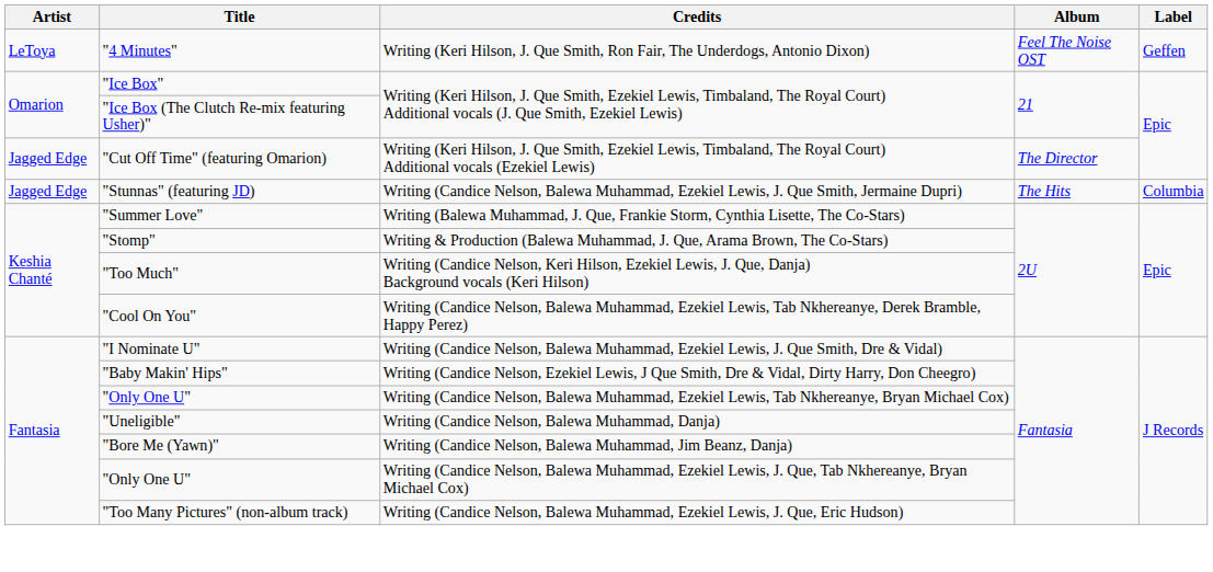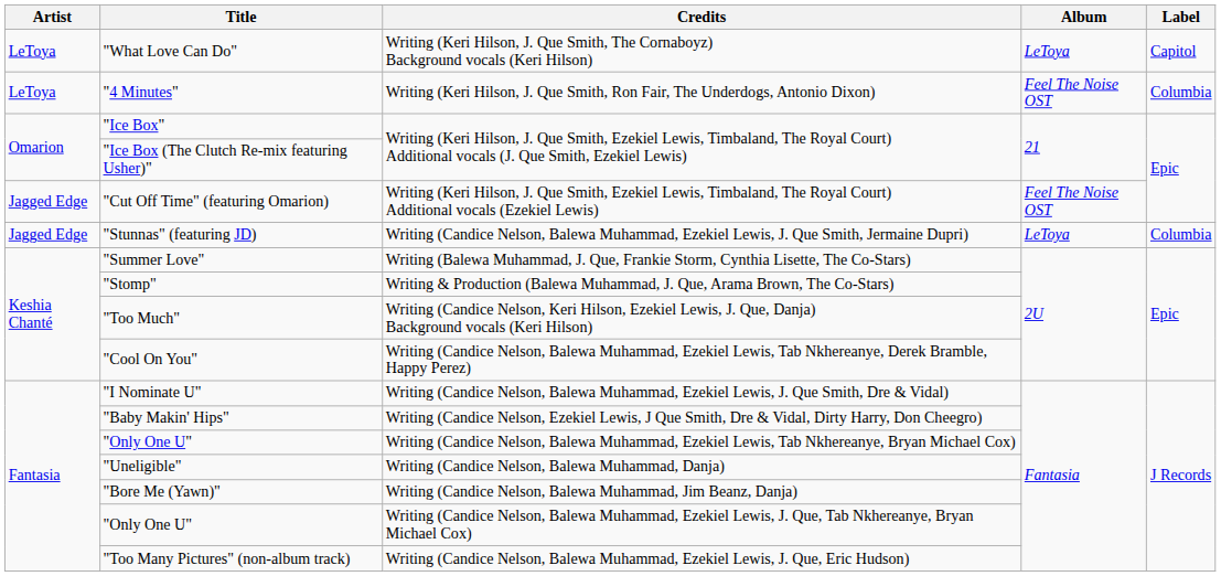 <table class="wikitable">
 <tr>
 <th>Artist</th>
 <th>Title</th>
 <th>Credits</th>
 <th>Album</th>
 <th>Label</th>
 </tr>
 <tr>
 <td><a href='#'>LeToya</a></td>
+<td>"What Love Can Do"</td>
+<td>Writing (Keri Hilson, J. Que Smith, The Cornaboyz)<br> Background vocals (Keri Hilson)</td>
+<td><em><a href='#'>LeToya</a></em></td>
+<td><a href='#'>Capitol</a></td>
+</tr>
+<tr>
+<td><a href='#'>LeToya</a></td>
 <td>"<a href='#'>4 Minutes</a>"</td>
 <td>Writing (Keri Hilson, J. Que Smith, Ron Fair, The Underdogs, Antonio Dixon)</td>
 <td><em><a href='#'>Feel The Noise OST</a></em></td>
-<td><a href='#'>Geffen</a></td>
+<td><a href='#'>Columbia</a></td>
 </tr>
 <tr>
 <td rowspan="2"><a href='#'>Omarion</a></td>
 <td>"<a href='#'>Ice Box</a>"</td>
 <td rowspan="2">Writing (Keri Hilson, J. Que Smith, Ezekiel Lewis, Timbaland, The Royal Court)<br> Additional vocals (J. Que Smith, Ezekiel Lewis)</td>
 <td rowspan="2"><em><a href='#'>21</a></em></td>
 <td rowspan="3"><a href='#'>Epic</a></td>
 </tr>
 <tr>
 <td>"<a href='#'>Ice Box</a> (The Clutch Re-mix featuring <a href='#'>Usher</a>)"</td>
 </tr>
 <tr>
 <td><a href='#'>Jagged Edge</a></td>
 <td>"Cut Off Time" (featuring Omarion)</td>
 <td>Writing (Keri Hilson, J. Que Smith, Ezekiel Lewis, Timbaland, The Royal Court)<br> Additional vocals (Ezekiel Lewis)</td>
-<td><em><a href='#'>The Director</a></em></td>
+<td><em><a href='#'>Feel The Noise OST</a></em></td>
 </tr>
 <tr>
 <td><a href='#'>Jagged Edge</a></td>
 <td>"Stunnas" (featuring <a href='#'>JD</a>)</td>
 <td>Writing (Candice Nelson, Balewa Muhammad, Ezekiel Lewis, J. Que Smith, Jermaine Dupri)</td>
-<td><em><a href='#'>The Hits</a></em></td>
+<td><em><a href='#'>LeToya</a></em></td>
 <td><a href='#'>Columbia</a></td>
 </tr>
 <tr>
 <td rowspan="4"><a href='#'>Keshia Chanté</a></td>
 <td>"Summer Love"</td>
 <td>Writing (Balewa Muhammad, J. Que, Frankie Storm, Cynthia Lisette, The Co-Stars)</td>
 <td rowspan="4"><em><a href='#'>2U</a></em></td>
 <td rowspan="4"><a href='#'>Epic</a></td>
 </tr>
 <tr>
 <td>"Stomp"</td>
 <td>Writing & Production (Balewa Muhammad, J. Que, Arama Brown, The Co-Stars)</td>
 </tr>
 <tr>
 <td>"Too Much"</td>
 <td>Writing (Candice Nelson, Keri Hilson, Ezekiel Lewis, J. Que, Danja)<br> Background vocals (Keri Hilson)</td>
 </tr>
 <tr>
 <td>"Cool On You"</td>
 <td>Writing (Candice Nelson, Balewa Muhammad, Ezekiel Lewis, Tab Nkhereanye, Derek Bramble, Happy Perez)</td>
 </tr>
 <tr>
 <td rowspan="7"><a href='#'>Fantasia</a></td>
 <td>"I Nominate U"</td>
 <td>Writing (Candice Nelson, Balewa Muhammad, Ezekiel Lewis, J. Que Smith, Dre & Vidal)</td>
 <td rowspan="7"><em><a href='#'>Fantasia</a></em></td>
 <td rowspan="7"><a href='#'>J Records</a></td>
 </tr>
 <tr>
 <td>"Baby Makin' Hips"</td>
 <td>Writing (Candice Nelson, Ezekiel Lewis, J Que Smith, Dre & Vidal, Dirty Harry, Don Cheegro)</td>
 </tr>
 <tr>
 <td>"<a href='#'>Only One U</a>"</td>
 <td>Writing (Candice Nelson, Balewa Muhammad, Ezekiel Lewis, Tab Nkhereanye, Bryan Michael Cox)</td>
 </tr>
 <tr>
 <td>"Uneligible"</td>
 <td>Writing (Candice Nelson, Balewa Muhammad, Danja)</td>
 </tr>
 <tr>
 <td>"Bore Me (Yawn)"</td>
 <td>Writing (Candice Nelson, Balewa Muhammad, Jim Beanz, Danja)</td>
 </tr>
 <tr>
 <td>"Only One U"</td>
 <td>Writing (Candice Nelson, Balewa Muhammad, Ezekiel Lewis, J. Que, Tab Nkhereanye, Bryan Michael Cox)</td>
 </tr>
 <tr>
 <td>"Too Many Pictures" (non-album track)</td>
 <td>Writing (Candice Nelson, Balewa Muhammad, Ezekiel Lewis, J. Que, Eric Hudson)</td>
 </tr>
 </table>
